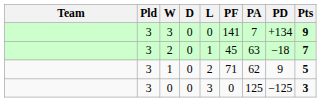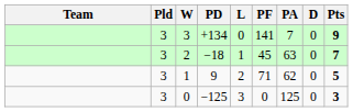 <table class="wikitable" style="text-align:center;">
 <tr>
 <th width=175>Team</th>
 <th style="width:20px;" abbr="Played">Pld</th>
 <th style="width:20px;" abbr="Won">W</th>
-<th style="width:20px;" abbr="Drawn">D</th>
+<th style="width:25px;" abbr="Points difference">PD</th>
 <th style="width:20px;" abbr="Lost">L</th>
 <th style="width:20px;" abbr="Points for">PF</th>
 <th style="width:20px;" abbr="Points against">PA</th>
-<th style="width:25px;" abbr="Points difference">PD</th>
+<th style="width:20px;" abbr="Drawn">D</th>
 <th style="width:20px;" abbr="Points">Pts</th>
 </tr>
 <tr style="background:#cfc;">
 <td align=left></td>
 <td>3</td>
 <td>3</td>
-<td>0</td>
+<td>+134</td>
 <td>0</td>
 <td>141</td>
 <td>7</td>
-<td>+134</td>
+<td>0</td>
 <td><strong>9</strong></td>
 </tr>
 <tr style="background:#cfc;">
 <td align=left></td>
 <td>3</td>
 <td>2</td>
-<td>0</td>
+<td>−18</td>
 <td>1</td>
 <td>45</td>
 <td>63</td>
-<td>−18</td>
+<td>0</td>
 <td><strong>7</strong></td>
 </tr>
 <tr>
 <td align=left></td>
 <td>3</td>
 <td>1</td>
-<td>0</td>
+<td>9</td>
 <td>2</td>
 <td>71</td>
 <td>62</td>
-<td>9</td>
+<td>0</td>
 <td><strong>5</strong></td>
 </tr>
 <tr>
 <td align=left></td>
 <td>3</td>
 <td>0</td>
-<td>0</td>
+<td>−125</td>
 <td>3</td>
 <td>0</td>
 <td>125</td>
-<td>−125</td>
+<td>0</td>
 <td><strong>3</strong></td>
 </tr>
 </table>
